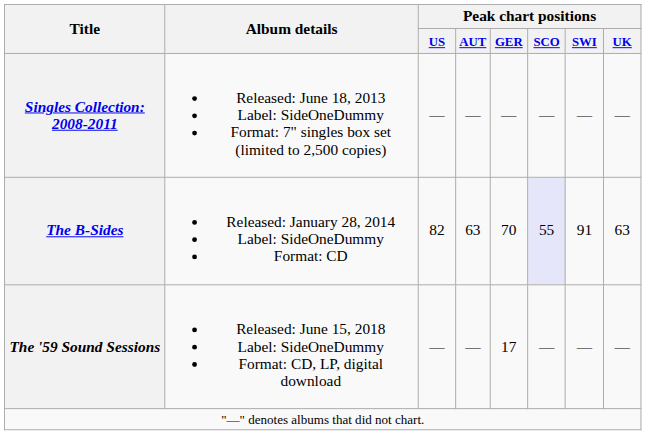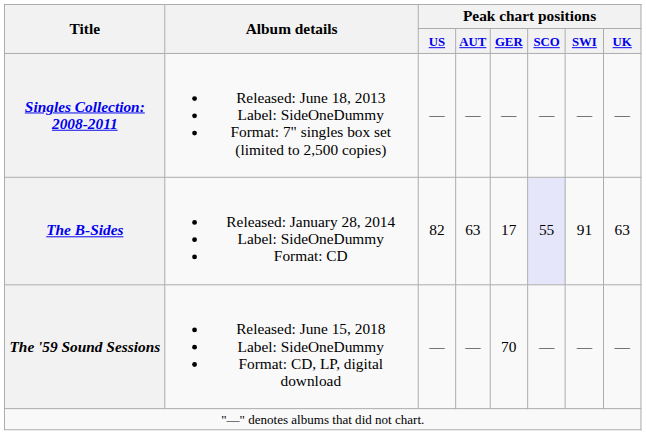 <table class="wikitable plainrowheaders" style="text-align:center;">
 <tr>
 <th rowspan="2" style="width:10em">Title</th>
 <th rowspan="2" style="width:16em">Album details</th>
 <th colspan="6">Peak chart positions</th>
 </tr>
 <tr>
 <th style="width:2em"><small><a href='#'>US</a></small><br></th>
 <th style="width:1em"><small><a href='#'>AUT</a></small><br></th>
 <th style="width:2em"><small><a href='#'>GER</a></small><br></th>
 <th style="width:2em"><small><a href='#'>SCO</a></small><br></th>
 <th style="width:2em"><small><a href='#'>SWI</a></small><br></th>
 <th style="width:2em"><small><a href='#'>UK</a></small><br></th>
 </tr>
 <tr>
 <th scope="row"><em><a href='#'>Singles Collection: 2008-2011</a></em></th>
 <td><br><ul><li>Released: June 18, 2013</li><li>Label: SideOneDummy</li><li>Format: 7" singles box set (limited to 2,500 copies)</li></ul></td>
 <td align="center">—</td>
 <td align="center">—</td>
 <td align="center">—</td>
 <td align="center">—</td>
 <td align="center">—</td>
 <td align="center">—</td>
 </tr>
 <tr>
 <th scope="row"><em><a href='#'>The B-Sides</a></em></th>
 <td><br><ul><li>Released: January 28, 2014</li><li>Label: SideOneDummy</li><li>Format: CD</li></ul></td>
 <td align="center">82</td>
 <td align="center">63</td>
-<td align="center">70</td>
+<td align="center">17</td>
 <td align="center" style="background: lavender;">55</td>
 <td align="center">91</td>
 <td align="center">63</td>
 </tr>
 <tr>
 <th scope="row"><em>The '59 Sound Sessions</em></th>
 <td><br><ul><li>Released: June 15, 2018</li><li>Label: SideOneDummy</li><li>Format: CD, LP, digital download</li></ul></td>
 <td align="center">—</td>
 <td align="center">—</td>
-<td align="center">17</td>
+<td align="center">70</td>
 <td align="center">—</td>
 <td align="center">—</td>
 <td align="center">—</td>
 </tr>
 <tr>
 <td align="center" colspan="21" style="font-size: 85%">"—" denotes albums that did not chart.</td>
 </tr>
 </table>
